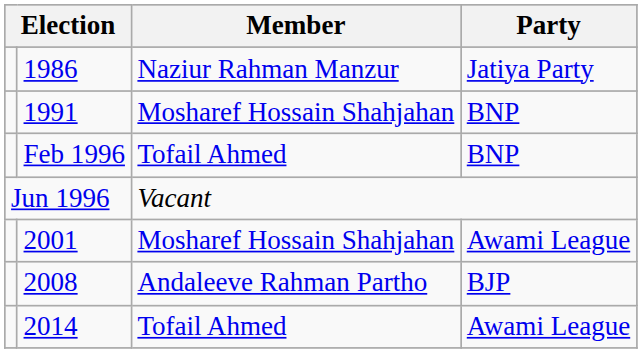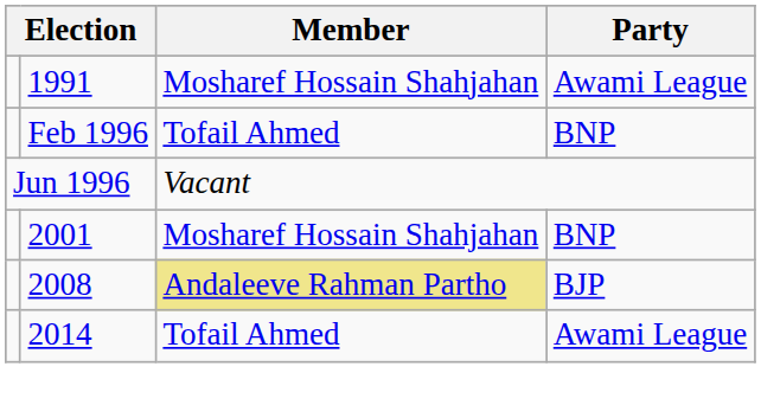 <table class="wikitable">
 <tr>
 <th colspan="2">Election</th>
 <th>Member</th>
 <th>Party</th>
 </tr>
 <tr>
 <td style="background-color:"></td>
-<td><a href='#'>1986</a></td>
-<td><a href='#'>Naziur Rahman Manzur</a></td>
-<td><a href='#'>Jatiya Party</a></td>
-</tr>
-<tr>
-<td style="background-color:"></td>
 <td><a href='#'>1991</a></td>
 <td><a href='#'>Mosharef Hossain Shahjahan</a></td>
-<td><a href='#'>BNP</a></td>
+<td><a href='#'>Awami League</a></td>
 </tr>
 <tr>
 <td style="background-color:"></td>
 <td><a href='#'>Feb 1996</a></td>
 <td><a href='#'>Tofail Ahmed</a></td>
 <td><a href='#'>BNP</a></td>
 </tr>
 <tr>
 <td colspan="2"><a href='#'>Jun 1996</a></td>
 <td colspan="2"><em>Vacant</em></td>
 </tr>
 <tr>
 <td style="background-color:"></td>
 <td><a href='#'>2001</a></td>
 <td><a href='#'>Mosharef Hossain Shahjahan</a></td>
-<td><a href='#'>Awami League</a></td>
+<td><a href='#'>BNP</a></td>
 </tr>
 <tr>
 <td style="background-color:"></td>
 <td><a href='#'>2008</a></td>
-<td><a href='#'>Andaleeve Rahman Partho</a></td>
+<td style="background: khaki;"><a href='#'>Andaleeve Rahman Partho</a></td>
 <td><a href='#'>BJP</a></td>
 </tr>
 <tr>
 <td rowspan="3" style="background-color:"></td>
 <td><a href='#'>2014</a></td>
 <td><a href='#'>Tofail Ahmed</a></td>
 <td><a href='#'>Awami League</a></td>
 </tr>
 </table>
